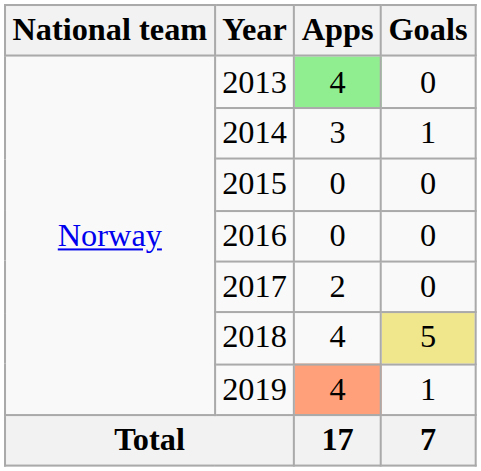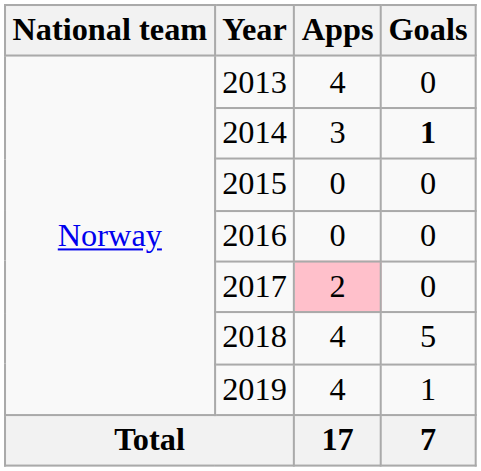 <table class="wikitable" style="text-align:center">
 <tr>
 <th>National team</th>
 <th>Year</th>
 <th>Apps</th>
 <th>Goals</th>
 </tr>
 <tr>
 <td rowspan="7"><a href='#'>Norway</a></td>
 <td>2013</td>
-<td style="background: lightgreen;">4</td>
+<td>4</td>
 <td>0</td>
 </tr>
 <tr>
 <td>2014</td>
 <td>3</td>
-<td>1</td>
+<td><strong>1</strong></td>
 </tr>
 <tr>
 <td>2015</td>
 <td>0</td>
 <td>0</td>
 </tr>
 <tr>
 <td>2016</td>
 <td>0</td>
 <td>0</td>
 </tr>
 <tr>
 <td>2017</td>
-<td>2</td>
+<td style="background: pink;">2</td>
 <td>0</td>
 </tr>
 <tr>
 <td>2018</td>
 <td>4</td>
-<td style="background: khaki;">5</td>
+<td>5</td>
 </tr>
 <tr>
 <td>2019</td>
-<td style="background: lightsalmon;">4</td>
+<td>4</td>
 <td>1</td>
 </tr>
 <tr>
 <th colspan="2">Total</th>
 <th>17</th>
 <th>7</th>
 </tr>
 </table>
